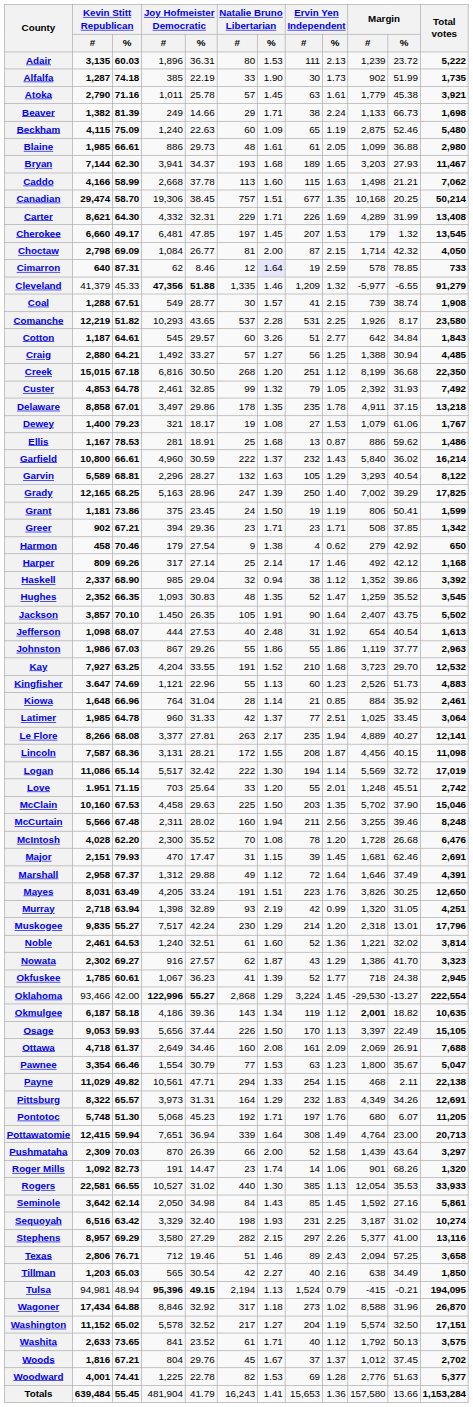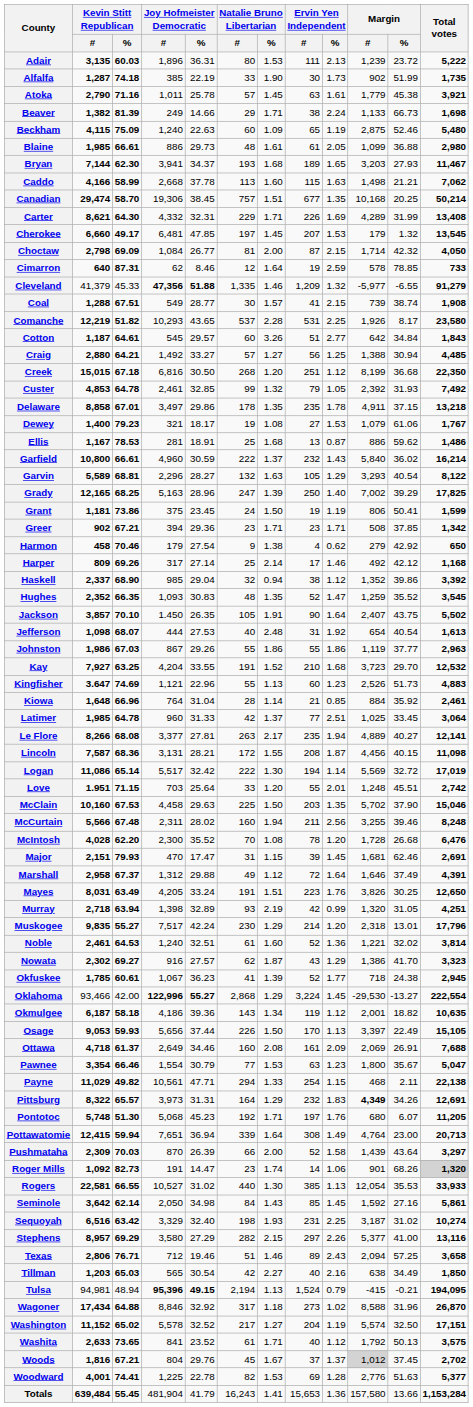 <table class="wikitable sortable" style="text-align:right;font-size:90%;line-height:1.3">
 <tr>
 <th rowspan="2">County</th>
 <th colspan="2"><a href='#'>Kevin Stitt</a><br><a href='#'>Republican</a></th>
 <th colspan="2"><a href='#'>Joy Hofmeister</a><br><a href='#'>Democratic</a></th>
 <th colspan="2"><a href='#'>Natalie Bruno</a><br><a href='#'>Libertarian</a></th>
 <th colspan="2"><a href='#'>Ervin Yen</a><br><a href='#'>Independent</a></th>
 <th colspan="2">Margin</th>
 <th rowspan="2">Total<br>votes</th>
 </tr>
 <tr>
 <th data-sort-type="number">#</th>
 <th data-sort-type="number">%</th>
 <th data-sort-type="number">#</th>
 <th data-sort-type="number">%</th>
 <th data-sort-type="number">#</th>
 <th data-sort-type="number">%</th>
 <th data-sort-type="number">#</th>
 <th data-sort-type="number">%</th>
 <th data-sort-type="number">#</th>
 <th data-sort-type="number">%</th>
 </tr>
 <tr>
 <th><a href='#'>Adair</a></th>
 <td><strong>3,135</strong></td>
 <td><strong>60.03</strong></td>
 <td>1,896</td>
 <td>36.31</td>
 <td>80</td>
 <td>1.53</td>
 <td>111</td>
 <td>2.13</td>
 <td>1,239</td>
 <td>23.72</td>
 <td><strong>5,222</strong></td>
 </tr>
 <tr>
 <th><a href='#'>Alfalfa</a></th>
 <td><strong>1,287</strong></td>
 <td><strong>74.18</strong></td>
 <td>385</td>
 <td>22.19</td>
 <td>33</td>
 <td>1.90</td>
 <td>30</td>
 <td>1.73</td>
 <td>902</td>
 <td>51.99</td>
 <td><strong>1,735</strong></td>
 </tr>
 <tr>
 <th><a href='#'>Atoka</a></th>
 <td><strong>2,790</strong></td>
 <td><strong>71.16</strong></td>
 <td>1,011</td>
 <td>25.78</td>
 <td>57</td>
 <td>1.45</td>
 <td>63</td>
 <td>1.61</td>
 <td>1,779</td>
 <td>45.38</td>
 <td><strong>3,921</strong></td>
 </tr>
 <tr>
 <th><a href='#'>Beaver</a></th>
 <td><strong>1,382</strong></td>
 <td><strong>81.39</strong></td>
 <td>249</td>
 <td>14.66</td>
 <td>29</td>
 <td>1.71</td>
 <td>38</td>
 <td>2.24</td>
 <td>1,133</td>
 <td>66.73</td>
 <td><strong>1,698</strong></td>
 </tr>
 <tr>
 <th><a href='#'>Beckham</a></th>
 <td><strong>4,115</strong></td>
 <td><strong>75.09</strong></td>
 <td>1,240</td>
 <td>22.63</td>
 <td>60</td>
 <td>1.09</td>
 <td>65</td>
 <td>1.19</td>
 <td>2,875</td>
 <td>52.46</td>
 <td><strong>5,480</strong></td>
 </tr>
 <tr>
 <th><a href='#'>Blaine</a></th>
 <td><strong>1,985</strong></td>
 <td><strong>66.61</strong></td>
 <td>886</td>
 <td>29.73</td>
 <td>48</td>
 <td>1.61</td>
 <td>61</td>
 <td>2.05</td>
 <td>1,099</td>
 <td>36.88</td>
 <td><strong>2,980</strong></td>
 </tr>
 <tr>
 <th><a href='#'>Bryan</a></th>
 <td><strong>7,144</strong></td>
 <td><strong>62.30</strong></td>
 <td>3,941</td>
 <td>34.37</td>
 <td>193</td>
 <td>1.68</td>
 <td>189</td>
 <td>1.65</td>
 <td>3,203</td>
 <td>27.93</td>
 <td><strong>11,467</strong></td>
 </tr>
 <tr>
 <th><a href='#'>Caddo</a></th>
 <td><strong>4,166</strong></td>
 <td><strong>58.99</strong></td>
 <td>2,668</td>
 <td>37.78</td>
 <td>113</td>
 <td>1.60</td>
 <td>115</td>
 <td>1.63</td>
 <td>1,498</td>
 <td>21.21</td>
 <td><strong>7,062</strong></td>
 </tr>
 <tr>
 <th><a href='#'>Canadian</a></th>
 <td><strong>29,474</strong></td>
 <td><strong>58.70</strong></td>
 <td>19,306</td>
 <td>38.45</td>
 <td>757</td>
 <td>1.51</td>
 <td>677</td>
 <td>1.35</td>
 <td>10,168</td>
 <td>20.25</td>
 <td><strong>50,214</strong></td>
 </tr>
 <tr>
 <th><a href='#'>Carter</a></th>
 <td><strong>8,621</strong></td>
 <td><strong>64.30</strong></td>
 <td>4,332</td>
 <td>32.31</td>
 <td>229</td>
 <td>1.71</td>
 <td>226</td>
 <td>1.69</td>
 <td>4,289</td>
 <td>31.99</td>
 <td><strong>13,408</strong></td>
 </tr>
 <tr>
 <th><a href='#'>Cherokee</a></th>
 <td><strong>6,660</strong></td>
 <td><strong>49.17</strong></td>
 <td>6,481</td>
 <td>47.85</td>
 <td>197</td>
 <td>1.45</td>
 <td>207</td>
 <td>1.53</td>
 <td>179</td>
 <td>1.32</td>
 <td><strong>13,545</strong></td>
 </tr>
 <tr>
 <th><a href='#'>Choctaw</a></th>
 <td><strong>2,798</strong></td>
 <td><strong>69.09</strong></td>
 <td>1,084</td>
 <td>26.77</td>
 <td>81</td>
 <td>2.00</td>
 <td>87</td>
 <td>2.15</td>
 <td>1,714</td>
 <td>42.32</td>
 <td><strong>4,050</strong></td>
 </tr>
 <tr>
 <th><a href='#'>Cimarron</a></th>
 <td><strong>640</strong></td>
 <td><strong>87.31</strong></td>
 <td>62</td>
 <td>8.46</td>
 <td>12</td>
-<td style="background: lavender;">1.64</td>
+<td>1.64</td>
 <td>19</td>
 <td>2.59</td>
 <td>578</td>
 <td>78.85</td>
 <td><strong>733</strong></td>
 </tr>
 <tr>
 <th><a href='#'>Cleveland</a></th>
 <td>41,379</td>
 <td>45.33</td>
 <td><strong>47,356</strong></td>
 <td><strong>51.88</strong></td>
 <td>1,335</td>
 <td>1.46</td>
 <td>1,209</td>
 <td>1.32</td>
 <td>-5,977</td>
 <td>-6.55</td>
 <td><strong>91,279</strong></td>
 </tr>
 <tr>
 <th><a href='#'>Coal</a></th>
 <td><strong>1,288</strong></td>
 <td><strong>67.51</strong></td>
 <td>549</td>
 <td>28.77</td>
 <td>30</td>
 <td>1.57</td>
 <td>41</td>
 <td>2.15</td>
 <td>739</td>
 <td>38.74</td>
 <td><strong>1,908</strong></td>
 </tr>
 <tr>
 <th><a href='#'>Comanche</a></th>
 <td><strong>12,219</strong></td>
 <td><strong>51.82</strong></td>
 <td>10,293</td>
 <td>43.65</td>
 <td>537</td>
 <td>2.28</td>
 <td>531</td>
 <td>2.25</td>
 <td>1,926</td>
 <td>8.17</td>
 <td><strong>23,580</strong></td>
 </tr>
 <tr>
 <th><a href='#'>Cotton</a></th>
 <td><strong>1,187</strong></td>
 <td><strong>64.61</strong></td>
 <td>545</td>
 <td>29.57</td>
 <td>60</td>
 <td>3.26</td>
 <td>51</td>
 <td>2.77</td>
 <td>642</td>
 <td>34.84</td>
 <td><strong>1,843</strong></td>
 </tr>
 <tr>
 <th><a href='#'>Craig</a></th>
 <td><strong>2,880</strong></td>
 <td><strong>64.21</strong></td>
 <td>1,492</td>
 <td>33.27</td>
 <td>57</td>
 <td>1.27</td>
 <td>56</td>
 <td>1.25</td>
 <td>1,388</td>
 <td>30.94</td>
 <td><strong>4,485</strong></td>
 </tr>
 <tr>
 <th><a href='#'>Creek</a></th>
 <td><strong>15,015</strong></td>
 <td><strong>67.18</strong></td>
 <td>6,816</td>
 <td>30.50</td>
 <td>268</td>
 <td>1.20</td>
 <td>251</td>
 <td>1.12</td>
 <td>8,199</td>
 <td>36.68</td>
 <td><strong>22,350</strong></td>
 </tr>
 <tr>
 <th><a href='#'>Custer</a></th>
 <td><strong>4,853</strong></td>
 <td><strong>64.78</strong></td>
 <td>2,461</td>
 <td>32.85</td>
 <td>99</td>
 <td>1.32</td>
 <td>79</td>
 <td>1.05</td>
 <td>2,392</td>
 <td>31.93</td>
 <td><strong>7,492</strong></td>
 </tr>
 <tr>
 <th><a href='#'>Delaware</a></th>
 <td><strong>8,858</strong></td>
 <td><strong>67.01</strong></td>
 <td>3,497</td>
 <td>29.86</td>
 <td>178</td>
 <td>1.35</td>
 <td>235</td>
 <td>1.78</td>
 <td>4,911</td>
 <td>37.15</td>
 <td><strong>13,218</strong></td>
 </tr>
 <tr>
 <th><a href='#'>Dewey</a></th>
 <td><strong>1,400</strong></td>
 <td><strong>79.23</strong></td>
 <td>321</td>
 <td>18.17</td>
 <td>19</td>
 <td>1.08</td>
 <td>27</td>
 <td>1.53</td>
 <td>1,079</td>
 <td>61.06</td>
 <td><strong>1,767</strong></td>
 </tr>
 <tr>
 <th><a href='#'>Ellis</a></th>
 <td><strong>1,167</strong></td>
 <td><strong>78.53</strong></td>
 <td>281</td>
 <td>18.91</td>
 <td>25</td>
 <td>1.68</td>
 <td>13</td>
 <td>0.87</td>
 <td>886</td>
 <td>59.62</td>
 <td><strong>1,486</strong></td>
 </tr>
 <tr>
 <th><a href='#'>Garfield</a></th>
 <td><strong>10,800</strong></td>
 <td><strong>66.61</strong></td>
 <td>4,960</td>
 <td>30.59</td>
 <td>222</td>
 <td>1.37</td>
 <td>232</td>
 <td>1.43</td>
 <td>5,840</td>
 <td>36.02</td>
 <td><strong>16,214</strong></td>
 </tr>
 <tr>
 <th><a href='#'>Garvin</a></th>
 <td><strong>5,589</strong></td>
 <td><strong>68.81</strong></td>
 <td>2,296</td>
 <td>28.27</td>
 <td>132</td>
 <td>1.63</td>
 <td>105</td>
 <td>1.29</td>
 <td>3,293</td>
 <td>40.54</td>
 <td><strong>8,122</strong></td>
 </tr>
 <tr>
 <th><a href='#'>Grady</a></th>
 <td><strong>12,165</strong></td>
 <td><strong>68.25</strong></td>
 <td>5,163</td>
 <td>28.96</td>
 <td>247</td>
 <td>1.39</td>
 <td>250</td>
 <td>1.40</td>
 <td>7,002</td>
 <td>39.29</td>
 <td><strong>17,825</strong></td>
 </tr>
 <tr>
 <th><a href='#'>Grant</a></th>
 <td><strong>1,181</strong></td>
 <td><strong>73.86</strong></td>
 <td>375</td>
 <td>23.45</td>
 <td>24</td>
 <td>1.50</td>
 <td>19</td>
 <td>1.19</td>
 <td>806</td>
 <td>50.41</td>
 <td><strong>1,599</strong></td>
 </tr>
 <tr>
 <th><a href='#'>Greer</a></th>
 <td><strong>902</strong></td>
 <td><strong>67.21</strong></td>
 <td>394</td>
 <td>29.36</td>
 <td>23</td>
 <td>1.71</td>
 <td>23</td>
 <td>1.71</td>
 <td>508</td>
 <td>37.85</td>
 <td><strong>1,342</strong></td>
 </tr>
 <tr>
 <th><a href='#'>Harmon</a></th>
 <td><strong>458</strong></td>
 <td><strong>70.46</strong></td>
 <td>179</td>
 <td>27.54</td>
 <td>9</td>
 <td>1.38</td>
 <td>4</td>
 <td>0.62</td>
 <td>279</td>
 <td>42.92</td>
 <td><strong>650</strong></td>
 </tr>
 <tr>
 <th><a href='#'>Harper</a></th>
 <td><strong>809</strong></td>
 <td><strong>69.26</strong></td>
 <td>317</td>
 <td>27.14</td>
 <td>25</td>
 <td>2.14</td>
 <td>17</td>
 <td>1.46</td>
 <td>492</td>
 <td>42.12</td>
 <td><strong>1,168</strong></td>
 </tr>
 <tr>
 <th><a href='#'>Haskell</a></th>
 <td><strong>2,337</strong></td>
 <td><strong>68.90</strong></td>
 <td>985</td>
 <td>29.04</td>
 <td>32</td>
 <td>0.94</td>
 <td>38</td>
 <td>1.12</td>
 <td>1,352</td>
 <td>39.86</td>
 <td><strong>3,392</strong></td>
 </tr>
 <tr>
 <th><a href='#'>Hughes</a></th>
 <td><strong>2,352</strong></td>
 <td><strong>66.35</strong></td>
 <td>1,093</td>
 <td>30.83</td>
 <td>48</td>
 <td>1.35</td>
 <td>52</td>
 <td>1.47</td>
 <td>1,259</td>
 <td>35.52</td>
 <td><strong>3,545</strong></td>
 </tr>
 <tr>
 <th><a href='#'>Jackson</a></th>
 <td><strong>3,857</strong></td>
 <td><strong>70.10</strong></td>
 <td>1.450</td>
 <td>26.35</td>
 <td>105</td>
 <td>1.91</td>
 <td>90</td>
 <td>1.64</td>
 <td>2,407</td>
 <td>43.75</td>
 <td><strong>5,502</strong></td>
 </tr>
 <tr>
 <th><a href='#'>Jefferson</a></th>
 <td><strong>1,098</strong></td>
 <td><strong>68.07</strong></td>
 <td>444</td>
 <td>27.53</td>
 <td>40</td>
 <td>2.48</td>
 <td>31</td>
 <td>1.92</td>
 <td>654</td>
 <td>40.54</td>
 <td><strong>1,613</strong></td>
 </tr>
 <tr>
 <th><a href='#'>Johnston</a></th>
 <td><strong>1,986</strong></td>
 <td><strong>67.03</strong></td>
 <td>867</td>
 <td>29.26</td>
 <td>55</td>
 <td>1.86</td>
 <td>55</td>
 <td>1.86</td>
 <td>1,119</td>
 <td>37.77</td>
 <td><strong>2,963</strong></td>
 </tr>
 <tr>
 <th><a href='#'>Kay</a></th>
 <td><strong>7,927</strong></td>
 <td><strong>63.25</strong></td>
 <td>4,204</td>
 <td>33.55</td>
 <td>191</td>
 <td>1.52</td>
 <td>210</td>
 <td>1.68</td>
 <td>3,723</td>
 <td>29.70</td>
 <td><strong>12,532</strong></td>
 </tr>
 <tr>
 <th><a href='#'>Kingfisher</a></th>
 <td><strong>3.647</strong></td>
 <td><strong>74.69</strong></td>
 <td>1,121</td>
 <td>22.96</td>
 <td>55</td>
 <td>1.13</td>
 <td>60</td>
 <td>1.23</td>
 <td>2,526</td>
 <td>51.73</td>
 <td><strong>4,883</strong></td>
 </tr>
 <tr>
 <th><a href='#'>Kiowa</a></th>
 <td><strong>1,648</strong></td>
 <td><strong>66.96</strong></td>
 <td>764</td>
 <td>31.04</td>
 <td>28</td>
 <td>1.14</td>
 <td>21</td>
 <td>0.85</td>
 <td>884</td>
 <td>35.92</td>
 <td><strong>2,461</strong></td>
 </tr>
 <tr>
 <th><a href='#'>Latimer</a></th>
 <td><strong>1,985</strong></td>
 <td><strong>64.78</strong></td>
 <td>960</td>
 <td>31.33</td>
 <td>42</td>
 <td>1.37</td>
 <td>77</td>
 <td>2.51</td>
 <td>1,025</td>
 <td>33.45</td>
 <td><strong>3,064</strong></td>
 </tr>
 <tr>
 <th><a href='#'>Le Flore</a></th>
 <td><strong>8,266</strong></td>
 <td><strong>68.08</strong></td>
 <td>3,377</td>
 <td>27.81</td>
 <td>263</td>
 <td>2.17</td>
 <td>235</td>
 <td>1.94</td>
 <td>4,889</td>
 <td>40.27</td>
 <td><strong>12,141</strong></td>
 </tr>
 <tr>
 <th><a href='#'>Lincoln</a></th>
 <td><strong>7,587</strong></td>
 <td><strong>68.36</strong></td>
 <td>3,131</td>
 <td>28.21</td>
 <td>172</td>
 <td>1.55</td>
 <td>208</td>
 <td>1.87</td>
 <td>4,456</td>
 <td>40.15</td>
 <td><strong>11,098</strong></td>
 </tr>
 <tr>
 <th><a href='#'>Logan</a></th>
 <td><strong>11,086</strong></td>
 <td><strong>65.14</strong></td>
 <td>5,517</td>
 <td>32.42</td>
 <td>222</td>
 <td>1.30</td>
 <td>194</td>
 <td>1.14</td>
 <td>5,569</td>
 <td>32.72</td>
 <td><strong>17,019</strong></td>
 </tr>
 <tr>
 <th><a href='#'>Love</a></th>
 <td><strong>1.951</strong></td>
 <td><strong>71.15</strong></td>
 <td>703</td>
 <td>25.64</td>
 <td>33</td>
 <td>1.20</td>
 <td>55</td>
 <td>2.01</td>
 <td>1,248</td>
 <td>45.51</td>
 <td><strong>2,742</strong></td>
 </tr>
 <tr>
 <th><a href='#'>McClain</a></th>
 <td><strong>10,160</strong></td>
 <td><strong>67.53</strong></td>
 <td>4,458</td>
 <td>29.63</td>
 <td>225</td>
 <td>1.50</td>
 <td>203</td>
 <td>1.35</td>
 <td>5,702</td>
 <td>37.90</td>
 <td><strong>15,046</strong></td>
 </tr>
 <tr>
 <th><a href='#'>McCurtain</a></th>
 <td><strong>5,566</strong></td>
 <td><strong>67.48</strong></td>
 <td>2,311</td>
 <td>28.02</td>
 <td>160</td>
 <td>1.94</td>
 <td>211</td>
 <td>2.56</td>
 <td>3,255</td>
 <td>39.46</td>
 <td><strong>8,248</strong></td>
 </tr>
 <tr>
 <th><a href='#'>McIntosh</a></th>
 <td><strong>4,028</strong></td>
 <td><strong>62.20</strong></td>
 <td>2,300</td>
 <td>35.52</td>
 <td>70</td>
 <td>1.08</td>
 <td>78</td>
 <td>1.20</td>
 <td>1,728</td>
 <td>26.68</td>
 <td><strong>6,476</strong></td>
 </tr>
 <tr>
 <th><a href='#'>Major</a></th>
 <td><strong>2,151</strong></td>
 <td><strong>79.93</strong></td>
 <td>470</td>
 <td>17.47</td>
 <td>31</td>
 <td>1.15</td>
 <td>39</td>
 <td>1.45</td>
 <td>1,681</td>
 <td>62.46</td>
 <td><strong>2,691</strong></td>
 </tr>
 <tr>
 <th><a href='#'>Marshall</a></th>
 <td><strong>2,958</strong></td>
 <td><strong>67.37</strong></td>
 <td>1,312</td>
 <td>29.88</td>
 <td>49</td>
 <td>1.12</td>
 <td>72</td>
 <td>1.64</td>
 <td>1,646</td>
 <td>37.49</td>
 <td><strong>4,391</strong></td>
 </tr>
 <tr>
 <th><a href='#'>Mayes</a></th>
 <td><strong>8,031</strong></td>
 <td><strong>63.49</strong></td>
 <td>4,205</td>
 <td>33.24</td>
 <td>191</td>
 <td>1.51</td>
 <td>223</td>
 <td>1.76</td>
 <td>3,826</td>
 <td>30.25</td>
 <td><strong>12,650</strong></td>
 </tr>
 <tr>
 <th><a href='#'>Murray</a></th>
 <td><strong>2,718</strong></td>
 <td><strong>63.94</strong></td>
 <td>1,398</td>
 <td>32.89</td>
 <td>93</td>
 <td>2.19</td>
 <td>42</td>
 <td>0.99</td>
 <td>1,320</td>
 <td>31.05</td>
 <td><strong>4,251</strong></td>
 </tr>
 <tr>
 <th><a href='#'>Muskogee</a></th>
 <td><strong>9,835</strong></td>
 <td><strong>55.27</strong></td>
 <td>7,517</td>
 <td>42.24</td>
 <td>230</td>
 <td>1.29</td>
 <td>214</td>
 <td>1.20</td>
 <td>2,318</td>
 <td>13.01</td>
 <td><strong>17,796</strong></td>
 </tr>
 <tr>
 <th><a href='#'>Noble</a></th>
 <td><strong>2,461</strong></td>
 <td><strong>64.53</strong></td>
 <td>1,240</td>
 <td>32.51</td>
 <td>61</td>
 <td>1.60</td>
 <td>52</td>
 <td>1.36</td>
 <td>1,221</td>
 <td>32.02</td>
 <td><strong>3,814</strong></td>
 </tr>
 <tr>
 <th><a href='#'>Nowata</a></th>
 <td><strong>2,302</strong></td>
 <td><strong>69.27</strong></td>
 <td>916</td>
 <td>27.57</td>
 <td>62</td>
 <td>1.87</td>
 <td>43</td>
 <td>1.29</td>
 <td>1,386</td>
 <td>41.70</td>
 <td><strong>3,323</strong></td>
 </tr>
 <tr>
 <th><a href='#'>Okfuskee</a></th>
 <td><strong>1,785</strong></td>
 <td><strong>60.61</strong></td>
 <td>1,067</td>
 <td>36.23</td>
 <td>41</td>
 <td>1.39</td>
 <td>52</td>
 <td>1.77</td>
 <td>718</td>
 <td>24.38</td>
 <td><strong>2,945</strong></td>
 </tr>
 <tr>
 <th><a href='#'>Oklahoma</a></th>
 <td>93,466</td>
 <td>42.00</td>
 <td><strong>122,996</strong></td>
 <td><strong>55.27</strong></td>
 <td>2,868</td>
 <td>1.29</td>
 <td>3,224</td>
 <td>1.45</td>
 <td>-29,530</td>
 <td>-13.27</td>
 <td><strong>222,554</strong></td>
 </tr>
 <tr>
 <th><a href='#'>Okmulgee</a></th>
 <td><strong>6,187</strong></td>
 <td><strong>58.18</strong></td>
 <td>4,186</td>
 <td>39.36</td>
 <td>143</td>
 <td>1.34</td>
 <td>119</td>
 <td>1.12</td>
-<td><strong>2,001</strong></td>
+<td>2,001</td>
 <td>18.82</td>
 <td><strong>10,635</strong></td>
 </tr>
 <tr>
 <th><a href='#'>Osage</a></th>
 <td><strong>9,053</strong></td>
 <td><strong>59.93</strong></td>
 <td>5,656</td>
 <td>37.44</td>
 <td>226</td>
 <td>1.50</td>
 <td>170</td>
 <td>1.13</td>
 <td>3,397</td>
 <td>22.49</td>
 <td><strong>15,105</strong></td>
 </tr>
 <tr>
 <th><a href='#'>Ottawa</a></th>
 <td><strong>4,718</strong></td>
 <td><strong>61.37</strong></td>
 <td>2,649</td>
 <td>34.46</td>
 <td>160</td>
 <td>2.08</td>
 <td>161</td>
 <td>2.09</td>
 <td>2,069</td>
 <td>26.91</td>
 <td><strong>7,688</strong></td>
 </tr>
 <tr>
 <th><a href='#'>Pawnee</a></th>
 <td><strong>3,354</strong></td>
 <td><strong>66.46</strong></td>
 <td>1,554</td>
 <td>30.79</td>
 <td>77</td>
 <td>1.53</td>
 <td>63</td>
 <td>1.23</td>
 <td>1,800</td>
 <td>35.67</td>
 <td><strong>5,047</strong></td>
 </tr>
 <tr>
 <th><a href='#'>Payne</a></th>
 <td><strong>11,029</strong></td>
 <td><strong>49.82</strong></td>
 <td>10,561</td>
 <td>47.71</td>
 <td>294</td>
 <td>1.33</td>
 <td>254</td>
 <td>1.15</td>
 <td>468</td>
 <td>2.11</td>
 <td><strong>22,138</strong></td>
 </tr>
 <tr>
 <th><a href='#'>Pittsburg</a></th>
 <td><strong>8,322</strong></td>
 <td><strong>65.57</strong></td>
 <td>3,973</td>
 <td>31.31</td>
 <td>164</td>
 <td>1.29</td>
 <td>232</td>
 <td>1.83</td>
-<td>4,349</td>
+<td><strong>4,349</strong></td>
 <td>34.26</td>
 <td><strong>12,691</strong></td>
 </tr>
 <tr>
 <th><a href='#'>Pontotoc</a></th>
 <td><strong>5,748</strong></td>
 <td><strong>51.30</strong></td>
 <td>5,068</td>
 <td>45.23</td>
 <td>192</td>
 <td>1.71</td>
 <td>197</td>
 <td>1.76</td>
 <td>680</td>
 <td>6.07</td>
 <td><strong>11,205</strong></td>
 </tr>
 <tr>
 <th><a href='#'>Pottawatomie</a></th>
 <td><strong>12,415</strong></td>
 <td><strong>59.94</strong></td>
 <td>7,651</td>
 <td>36.94</td>
 <td>339</td>
 <td>1.64</td>
 <td>308</td>
 <td>1.49</td>
 <td>4,764</td>
 <td>23.00</td>
 <td><strong>20,713</strong></td>
 </tr>
 <tr>
 <th><a href='#'>Pushmataha</a></th>
 <td><strong>2,309</strong></td>
 <td><strong>70.03</strong></td>
 <td>870</td>
 <td>26.39</td>
 <td>66</td>
 <td>2.00</td>
 <td>52</td>
 <td>1.58</td>
 <td>1,439</td>
 <td>43.64</td>
 <td><strong>3,297</strong></td>
 </tr>
 <tr>
 <th><a href='#'>Roger Mills</a></th>
 <td><strong>1,092</strong></td>
 <td><strong>82.73</strong></td>
 <td>191</td>
 <td>14.47</td>
 <td>23</td>
 <td>1.74</td>
 <td>14</td>
 <td>1.06</td>
 <td>901</td>
 <td>68.26</td>
-<td><strong>1,320</strong></td>
+<td style="background: lightgrey;"><strong>1,320</strong></td>
 </tr>
 <tr>
 <th><a href='#'>Rogers</a></th>
 <td><strong>22,581</strong></td>
 <td><strong>66.55</strong></td>
 <td>10,527</td>
 <td>31.02</td>
 <td>440</td>
 <td>1.30</td>
 <td>385</td>
 <td>1.13</td>
 <td>12,054</td>
 <td>35.53</td>
 <td><strong>33,933</strong></td>
 </tr>
 <tr>
 <th><a href='#'>Seminole</a></th>
 <td><strong>3,642</strong></td>
 <td><strong>62.14</strong></td>
 <td>2,050</td>
 <td>34.98</td>
 <td>84</td>
 <td>1.43</td>
 <td>85</td>
 <td>1.45</td>
 <td>1,592</td>
 <td>27.16</td>
 <td><strong>5,861</strong></td>
 </tr>
 <tr>
 <th><a href='#'>Sequoyah</a></th>
 <td><strong>6,516</strong></td>
 <td><strong>63.42</strong></td>
 <td>3,329</td>
 <td>32.40</td>
 <td>198</td>
 <td>1.93</td>
 <td>231</td>
 <td>2.25</td>
 <td>3,187</td>
 <td>31.02</td>
 <td><strong>10,274</strong></td>
 </tr>
 <tr>
 <th><a href='#'>Stephens</a></th>
 <td><strong>8,957</strong></td>
 <td><strong>69.29</strong></td>
 <td>3,580</td>
 <td>27.29</td>
 <td>282</td>
 <td>2.15</td>
 <td>297</td>
 <td>2.26</td>
 <td>5,377</td>
 <td>41.00</td>
 <td><strong>13,116</strong></td>
 </tr>
 <tr>
 <th><a href='#'>Texas</a></th>
 <td><strong>2,806</strong></td>
 <td><strong>76.71</strong></td>
 <td>712</td>
 <td>19.46</td>
 <td>51</td>
 <td>1.46</td>
 <td>89</td>
 <td>2.43</td>
 <td>2,094</td>
 <td>57.25</td>
 <td><strong>3,658</strong></td>
 </tr>
 <tr>
 <th><a href='#'>Tillman</a></th>
 <td><strong>1,203</strong></td>
 <td><strong>65.03</strong></td>
 <td>565</td>
 <td>30.54</td>
 <td>42</td>
 <td>2.27</td>
 <td>40</td>
 <td>2.16</td>
 <td>638</td>
 <td>34.49</td>
 <td><strong>1,850</strong></td>
 </tr>
 <tr>
 <th><a href='#'>Tulsa</a></th>
 <td>94,981</td>
 <td>48.94</td>
 <td><strong>95,396</strong></td>
 <td><strong>49.15</strong></td>
 <td>2,194</td>
 <td>1.13</td>
 <td>1,524</td>
 <td>0.79</td>
 <td>-415</td>
 <td>-0.21</td>
 <td><strong>194,095</strong></td>
 </tr>
 <tr>
 <th><a href='#'>Wagoner</a></th>
 <td><strong>17,434</strong></td>
 <td><strong>64.88</strong></td>
 <td>8,846</td>
 <td>32.92</td>
 <td>317</td>
 <td>1.18</td>
 <td>273</td>
 <td>1.02</td>
 <td>8,588</td>
 <td>31.96</td>
 <td><strong>26,870</strong></td>
 </tr>
 <tr>
 <th><a href='#'>Washington</a></th>
 <td><strong>11,152</strong></td>
 <td><strong>65.02</strong></td>
 <td>5,578</td>
 <td>32.52</td>
 <td>217</td>
 <td>1.27</td>
 <td>204</td>
 <td>1.19</td>
 <td>5,574</td>
 <td>32.50</td>
 <td><strong>17,151</strong></td>
 </tr>
 <tr>
 <th><a href='#'>Washita</a></th>
 <td><strong>2,633</strong></td>
 <td><strong>73.65</strong></td>
 <td>841</td>
 <td>23.52</td>
 <td>61</td>
 <td>1.71</td>
 <td>40</td>
 <td>1.12</td>
 <td>1,792</td>
 <td>50.13</td>
 <td><strong>3,575</strong></td>
 </tr>
 <tr>
 <th><a href='#'>Woods</a></th>
 <td><strong>1,816</strong></td>
 <td><strong>67.21</strong></td>
 <td>804</td>
 <td>29.76</td>
 <td>45</td>
 <td>1.67</td>
 <td>37</td>
 <td>1.37</td>
-<td>1,012</td>
+<td style="background: lightgrey;">1,012</td>
 <td>37.45</td>
 <td><strong>2,702</strong></td>
 </tr>
 <tr>
 <th><a href='#'>Woodward</a></th>
 <td><strong>4,001</strong></td>
 <td><strong>74.41</strong></td>
 <td>1,225</td>
 <td>22.78</td>
 <td>82</td>
 <td>1.53</td>
 <td>69</td>
 <td>1.28</td>
 <td>2,776</td>
 <td>51.63</td>
 <td><strong>5,377</strong></td>
 </tr>
 <tr class="sortbottom">
 <th>Totals</th>
 <td><strong>639,484</strong></td>
 <td><strong>55.45</strong></td>
 <td>481,904</td>
 <td>41.79</td>
 <td>16,243</td>
 <td>1.41</td>
 <td>15,653</td>
 <td>1.36</td>
 <td>157,580</td>
 <td>13.66</td>
 <td><strong>1,153,284</strong></td>
 </tr>
 </table>
